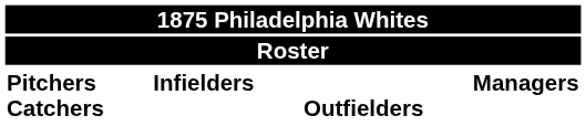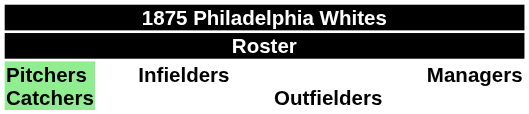 <table class="toccolours" style="font-size: 95%;">
 <tr>
 <th colspan="10" style="background-color: black; color:white; text-align: center;">1875 Philadelphia Whites</th>
 </tr>
 <tr>
 <td colspan="10" style="background-color:black; color: white; text-align: center;"><strong>Roster</strong></td>
 </tr>
 <tr>
-<td valign="top"><strong>Pitchers</strong><br>    <strong>Catchers</strong> </td>
+<td valign="top" style="background: lightgreen;"><strong>Pitchers</strong><br>    <strong>Catchers</strong> </td>
 <td width="25px"></td>
 <td valign="top"><strong>Infielders</strong><br>     </td>
 <td width="25px"></td>
 <td valign="top"><br><strong>Outfielders</strong>     </td>
 <td width="25px"></td>
 <td valign="top"><strong>Managers</strong><br> </td>
 </tr>
 </table>
